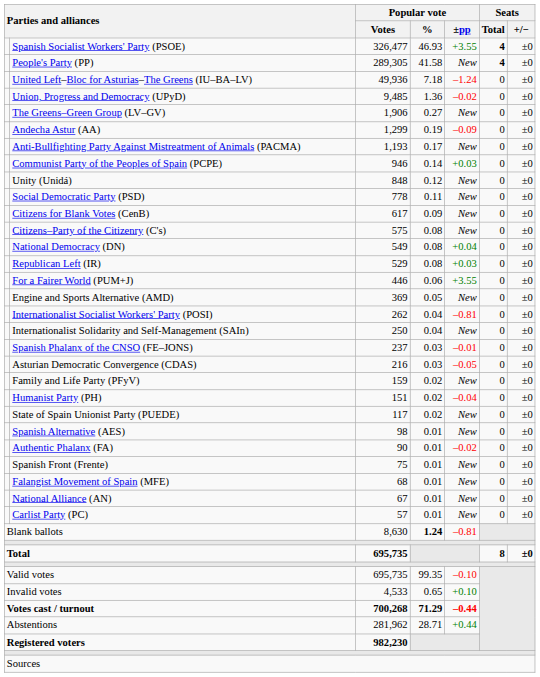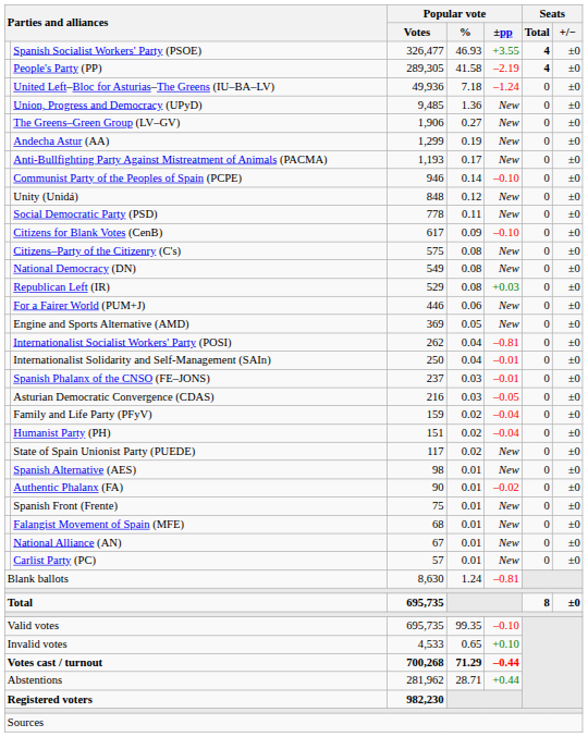 <table class="wikitable" style="text-align:right;">
 <tr>
 <th style="text-align:left;" rowspan="2" colspan="2" width="525">Parties and alliances</th>
 <th colspan="3">Popular vote</th>
 <th colspan="2">Seats</th>
 </tr>
 <tr>
 <th width="75">Votes</th>
 <th width="45">%</th>
 <th width="45">±<a href='#'>pp</a></th>
 <th width="35">Total</th>
 <th width="35">+/−</th>
 </tr>
 <tr>
 <td width="1" style="color:inherit;background:"></td>
 <td align="left"><a href='#'>Spanish Socialist Workers' Party</a> (PSOE)</td>
 <td>326,477</td>
 <td>46.93</td>
 <td style="color:green;">+3.55</td>
 <td><strong>4</strong></td>
 <td>±0</td>
 </tr>
 <tr>
 <td style="color:inherit;background:"></td>
 <td align="left"><a href='#'>People's Party</a> (PP)</td>
 <td>289,305</td>
 <td>41.58</td>
-<td><em>New</em></td>
+<td style="color:red;">–2.19</td>
 <td><strong>4</strong></td>
 <td>±0</td>
 </tr>
 <tr>
 <td style="color:inherit;background:"></td>
 <td align="left"><a href='#'>United Left</a>–<a href='#'>Bloc for Asturias</a>–<a href='#'>The Greens</a> (IU–BA–LV)</td>
 <td>49,936</td>
 <td>7.18</td>
 <td style="color:red;">–1.24</td>
 <td>0</td>
 <td>±0</td>
 </tr>
 <tr>
 <td style="color:inherit;background:"></td>
 <td align="left"><a href='#'>Union, Progress and Democracy</a> (UPyD)</td>
 <td>9,485</td>
 <td>1.36</td>
-<td style="color:red;">–0.02</td>
+<td><em>New</em></td>
 <td>0</td>
 <td>±0</td>
 </tr>
 <tr>
 <td style="color:inherit;background:"></td>
 <td align="left"><a href='#'>The Greens–Green Group</a> (LV–GV)</td>
 <td>1,906</td>
 <td>0.27</td>
 <td><em>New</em></td>
 <td>0</td>
 <td>±0</td>
 </tr>
 <tr>
 <td style="color:inherit;background:"></td>
 <td align="left"><a href='#'>Andecha Astur</a> (AA)</td>
 <td>1,299</td>
 <td>0.19</td>
-<td style="color:red;">–0.09</td>
+<td><em>New</em></td>
 <td>0</td>
 <td>±0</td>
 </tr>
 <tr>
 <td style="color:inherit;background:"></td>
 <td align="left"><a href='#'>Anti-Bullfighting Party Against Mistreatment of Animals</a> (PACMA)</td>
 <td>1,193</td>
 <td>0.17</td>
 <td><em>New</em></td>
 <td>0</td>
 <td>±0</td>
 </tr>
 <tr>
 <td style="color:inherit;background:"></td>
 <td align="left"><a href='#'>Communist Party of the Peoples of Spain</a> (PCPE)</td>
 <td>946</td>
 <td>0.14</td>
-<td style="color:green;">+0.03</td>
+<td style="color:red;">–0.10</td>
 <td>0</td>
 <td>±0</td>
 </tr>
 <tr>
 <td style="color:inherit;background:"></td>
 <td align="left">Unity (Unidá)</td>
 <td>848</td>
 <td>0.12</td>
 <td><em>New</em></td>
 <td>0</td>
 <td>±0</td>
 </tr>
 <tr>
 <td style="color:inherit;background:"></td>
 <td align="left"><a href='#'>Social Democratic Party</a> (PSD)</td>
 <td>778</td>
 <td>0.11</td>
 <td><em>New</em></td>
 <td>0</td>
 <td>±0</td>
 </tr>
 <tr>
 <td style="color:inherit;background:"></td>
 <td align="left"><a href='#'>Citizens for Blank Votes</a> (CenB)</td>
 <td>617</td>
 <td>0.09</td>
-<td><em>New</em></td>
+<td style="color:red;">–0.10</td>
 <td>0</td>
 <td>±0</td>
 </tr>
 <tr>
 <td style="color:inherit;background:"></td>
 <td align="left"><a href='#'>Citizens–Party of the Citizenry</a> (C's)</td>
 <td>575</td>
 <td>0.08</td>
 <td><em>New</em></td>
 <td>0</td>
 <td>±0</td>
 </tr>
 <tr>
 <td style="color:inherit;background:"></td>
 <td align="left"><a href='#'>National Democracy</a> (DN)</td>
 <td>549</td>
 <td>0.08</td>
-<td style="color:green;">+0.04</td>
+<td><em>New</em></td>
 <td>0</td>
 <td>±0</td>
 </tr>
 <tr>
 <td style="color:inherit;background:"></td>
 <td align="left"><a href='#'>Republican Left</a> (IR)</td>
 <td>529</td>
 <td>0.08</td>
 <td style="color:green;">+0.03</td>
 <td>0</td>
 <td>±0</td>
 </tr>
 <tr>
 <td style="color:inherit;background:"></td>
 <td align="left"><a href='#'>For a Fairer World</a> (PUM+J)</td>
 <td>446</td>
 <td>0.06</td>
-<td style="color:green;">+3.55</td>
+<td><em>New</em></td>
 <td>0</td>
 <td>±0</td>
 </tr>
 <tr>
 <td style="color:inherit;background:"></td>
 <td align="left">Engine and Sports Alternative (AMD)</td>
 <td>369</td>
 <td>0.05</td>
 <td><em>New</em></td>
 <td>0</td>
 <td>±0</td>
 </tr>
 <tr>
 <td style="color:inherit;background:"></td>
 <td align="left"><a href='#'>Internationalist Socialist Workers' Party</a> (POSI)</td>
 <td>262</td>
 <td>0.04</td>
 <td style="color:red;">–0.81</td>
 <td>0</td>
 <td>±0</td>
 </tr>
 <tr>
 <td style="color:inherit;background:"></td>
 <td align="left">Internationalist Solidarity and Self-Management (SAIn)</td>
 <td>250</td>
 <td>0.04</td>
-<td><em>New</em></td>
+<td style="color:red;">–0.01</td>
 <td>0</td>
 <td>±0</td>
 </tr>
 <tr>
 <td style="color:inherit;background:"></td>
 <td align="left"><a href='#'>Spanish Phalanx of the CNSO</a> (FE–JONS)</td>
 <td>237</td>
 <td>0.03</td>
 <td style="color:red;">–0.01</td>
 <td>0</td>
 <td>±0</td>
 </tr>
 <tr>
 <td style="color:inherit;background:"></td>
 <td align="left">Asturian Democratic Convergence (CDAS)</td>
 <td>216</td>
 <td>0.03</td>
 <td style="color:red;">–0.05</td>
 <td>0</td>
 <td>±0</td>
 </tr>
 <tr>
 <td style="color:inherit;background:"></td>
 <td align="left">Family and Life Party (PFyV)</td>
 <td>159</td>
 <td>0.02</td>
-<td><em>New</em></td>
+<td style="color:red;">–0.04</td>
 <td>0</td>
 <td>±0</td>
 </tr>
 <tr>
 <td style="color:inherit;background:"></td>
 <td align="left"><a href='#'>Humanist Party</a> (PH)</td>
 <td>151</td>
 <td>0.02</td>
 <td style="color:red;">–0.04</td>
 <td>0</td>
 <td>±0</td>
 </tr>
 <tr>
 <td style="color:inherit;background:"></td>
 <td align="left">State of Spain Unionist Party (PUEDE)</td>
 <td>117</td>
 <td>0.02</td>
 <td><em>New</em></td>
 <td>0</td>
 <td>±0</td>
 </tr>
 <tr>
 <td style="color:inherit;background:"></td>
 <td align="left"><a href='#'>Spanish Alternative</a> (AES)</td>
 <td>98</td>
 <td>0.01</td>
 <td><em>New</em></td>
 <td>0</td>
 <td>±0</td>
 </tr>
 <tr>
 <td style="color:inherit;background:"></td>
 <td align="left"><a href='#'>Authentic Phalanx</a> (FA)</td>
 <td>90</td>
 <td>0.01</td>
 <td style="color:red;">–0.02</td>
 <td>0</td>
 <td>±0</td>
 </tr>
 <tr>
 <td style="color:inherit;background:"></td>
 <td align="left">Spanish Front (Frente)</td>
 <td>75</td>
 <td>0.01</td>
 <td><em>New</em></td>
 <td>0</td>
 <td>±0</td>
 </tr>
 <tr>
 <td style="color:inherit;background:"></td>
 <td align="left"><a href='#'>Falangist Movement of Spain</a> (MFE)</td>
 <td>68</td>
 <td>0.01</td>
 <td><em>New</em></td>
 <td>0</td>
 <td>±0</td>
 </tr>
 <tr>
 <td style="color:inherit;background:"></td>
 <td align="left"><a href='#'>National Alliance</a> (AN)</td>
 <td>67</td>
 <td>0.01</td>
 <td><em>New</em></td>
 <td>0</td>
 <td>±0</td>
 </tr>
 <tr>
 <td style="color:inherit;background:"></td>
 <td align="left"><a href='#'>Carlist Party</a> (PC)</td>
 <td>57</td>
 <td>0.01</td>
 <td><em>New</em></td>
 <td>0</td>
 <td>±0</td>
 </tr>
 <tr>
 <td align="left" colspan="2">Blank ballots</td>
 <td>8,630</td>
-<td><strong>1.24</strong></td>
+<td>1.24</td>
 <td style="color:red;">–0.81</td>
 <td bgcolor="#E9E9E9" colspan="2"></td>
 </tr>
 <tr>
 <td colspan="7" bgcolor="#E9E9E9"></td>
 </tr>
 <tr style="font-weight:bold;">
 <td align="left" colspan="2">Total</td>
 <td>695,735</td>
 <td bgcolor="#E9E9E9" colspan="2"></td>
 <td>8</td>
 <td>±0</td>
 </tr>
 <tr>
 <td colspan="7" bgcolor="#E9E9E9"></td>
 </tr>
 <tr>
 <td align="left" colspan="2">Valid votes</td>
 <td>695,735</td>
 <td>99.35</td>
 <td style="color:red;">–0.10</td>
 <td bgcolor="#E9E9E9" colspan="2" rowspan="5"></td>
 </tr>
 <tr>
 <td align="left" colspan="2">Invalid votes</td>
 <td>4,533</td>
 <td>0.65</td>
 <td style="color:green;">+0.10</td>
 </tr>
 <tr style="font-weight:bold;">
 <td align="left" colspan="2">Votes cast / turnout</td>
 <td>700,268</td>
 <td>71.29</td>
 <td style="color:red;">–0.44</td>
 </tr>
 <tr>
 <td align="left" colspan="2">Abstentions</td>
 <td>281,962</td>
 <td>28.71</td>
 <td style="color:green;">+0.44</td>
 </tr>
 <tr style="font-weight:bold;">
 <td align="left" colspan="2">Registered voters</td>
 <td>982,230</td>
 <td bgcolor="#E9E9E9" colspan="2"></td>
 </tr>
 <tr>
 <td colspan="7" bgcolor="#E9E9E9"></td>
 </tr>
 <tr>
 <td align="left" colspan="7">Sources</td>
 </tr>
 </table>
